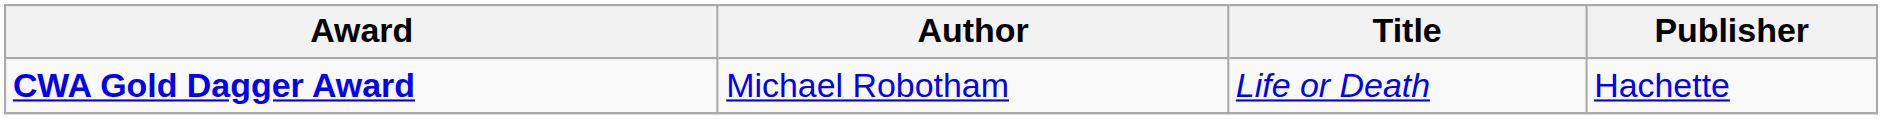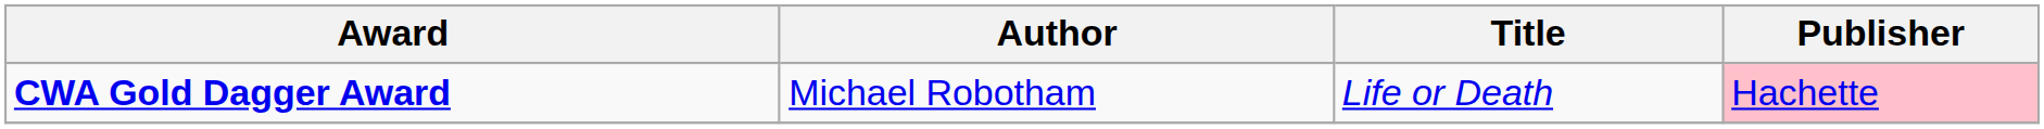 <table class="wikitable" width=100%>
 <tr>
 <th>Award</th>
 <th>Author</th>
 <th>Title</th>
 <th>Publisher</th>
 </tr>
 <tr>
 <td><strong><a href='#'>CWA Gold Dagger Award</a></strong></td>
 <td><a href='#'>Michael Robotham</a></td>
 <td><em><a href='#'>Life or Death</a></em></td>
-<td><a href='#'>Hachette</a></td>
+<td style="background: pink;"><a href='#'>Hachette</a></td>
 </tr>
 <tr>
 </tr>
 </table>
